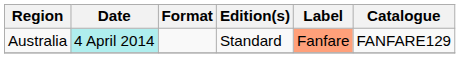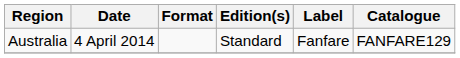 <table class="wikitable plainrowheaders">
 <tr>
 <th scope="col">Region</th>
 <th scope="col">Date</th>
 <th scope="col">Format</th>
 <th scope="col">Edition(s)</th>
 <th scope="col">Label</th>
 <th scope="col">Catalogue</th>
 </tr>
 <tr>
 <td>Australia</td>
-<td style="background: paleturquoise;">4 April 2014</td>
+<td>4 April 2014</td>
 <td></td>
 <td>Standard</td>
-<td style="background: lightsalmon;">Fanfare</td>
+<td>Fanfare</td>
 <td>FANFARE129</td>
 </tr>
 <tr>
 </tr>
 </table>
